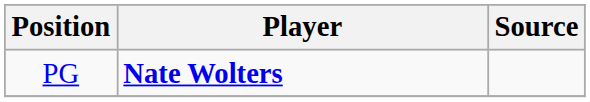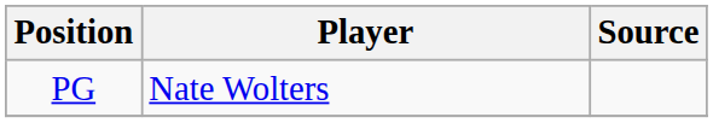 <table class="wikitable sortable" style="text-align: center;">
 <tr>
 <th>Position</th>
 <th style="width:200px;">Player</th>
 <th>Source</th>
 </tr>
 <tr>
 <td><a href='#'>PG</a></td>
-<td style="text-align:left"><strong> <a href='#'>Nate Wolters</a></strong></td>
+<td style="text-align:left"> <a href='#'>Nate Wolters</a></td>
 <td></td>
 </tr>
 <tr>
 </tr>
 </table>
